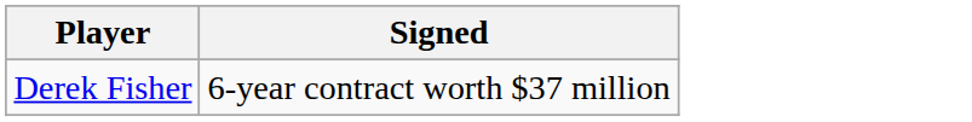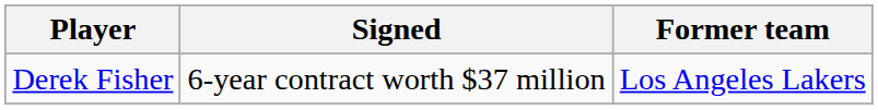 <table class="wikitable sortable sortable" style="text-align: center">
 <tr>
 <th>Player</th>
 <th>Signed</th>
+<th>Former team</th>
 </tr>
 <tr style="text-align: center">
 <td><a href='#'>Derek Fisher</a></td>
 <td>6-year contract worth $37 million</td>
+<td><a href='#'>Los Angeles Lakers</a></td>
 </tr>
 </table>
